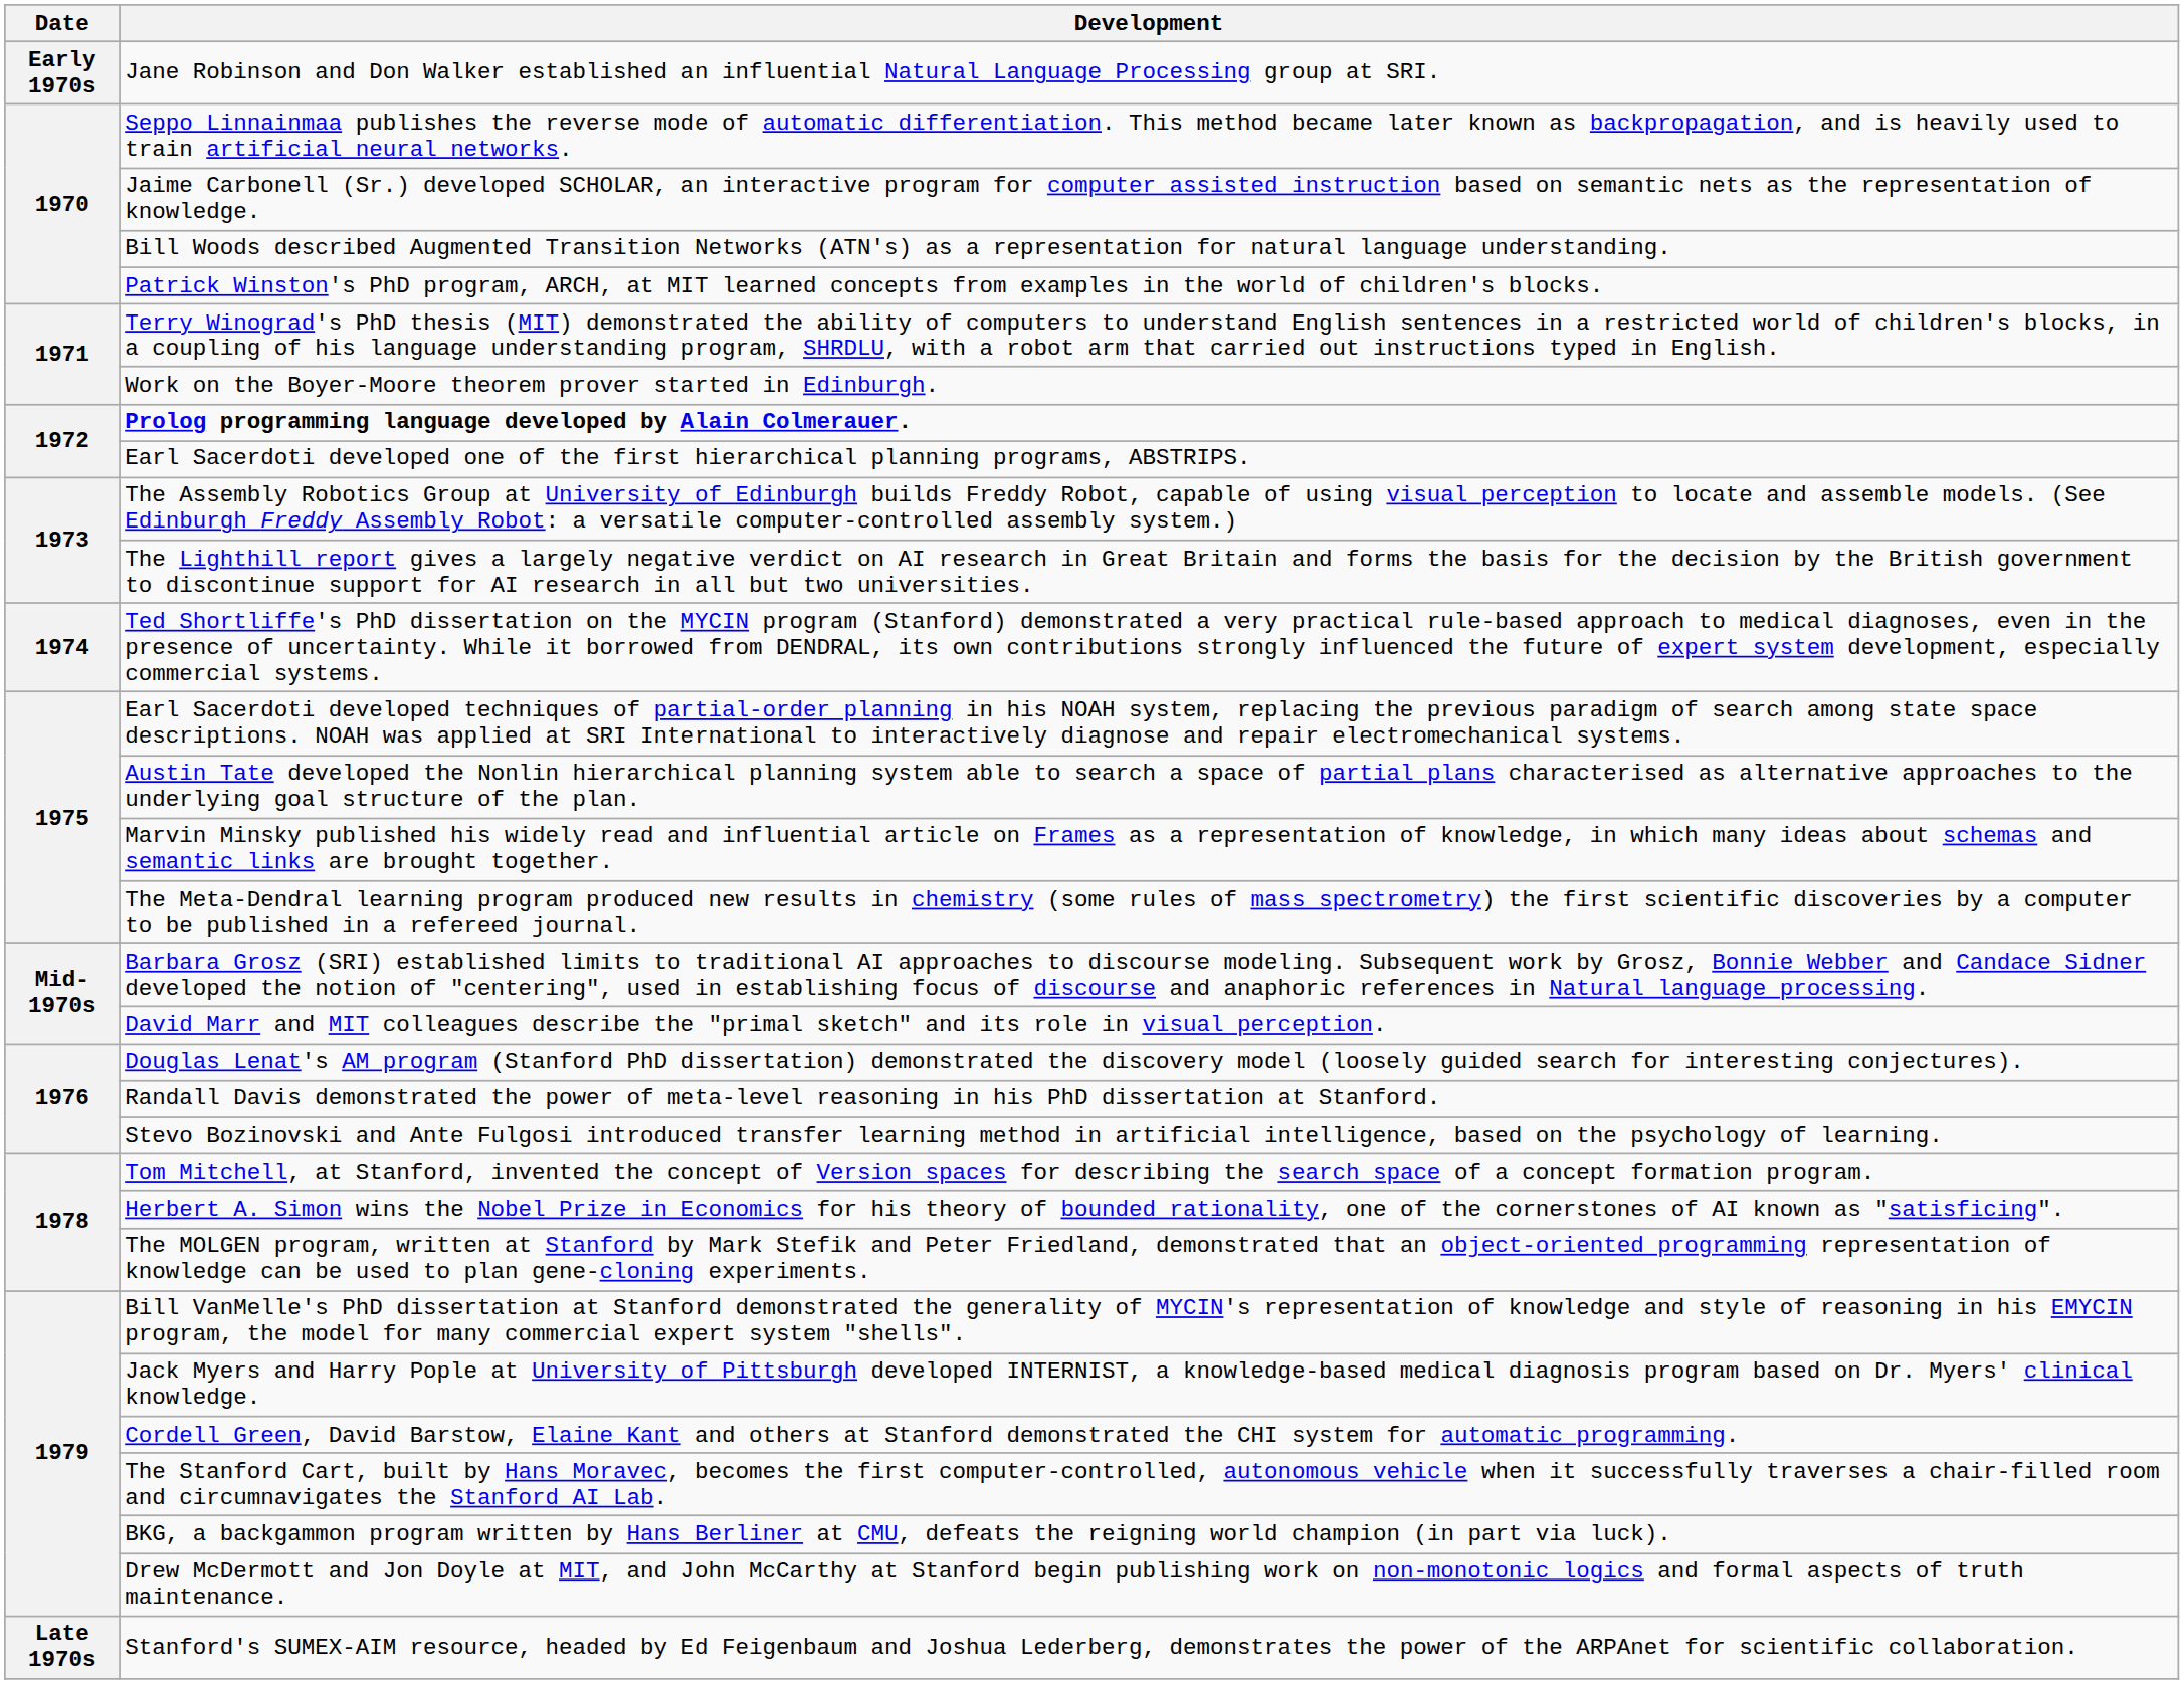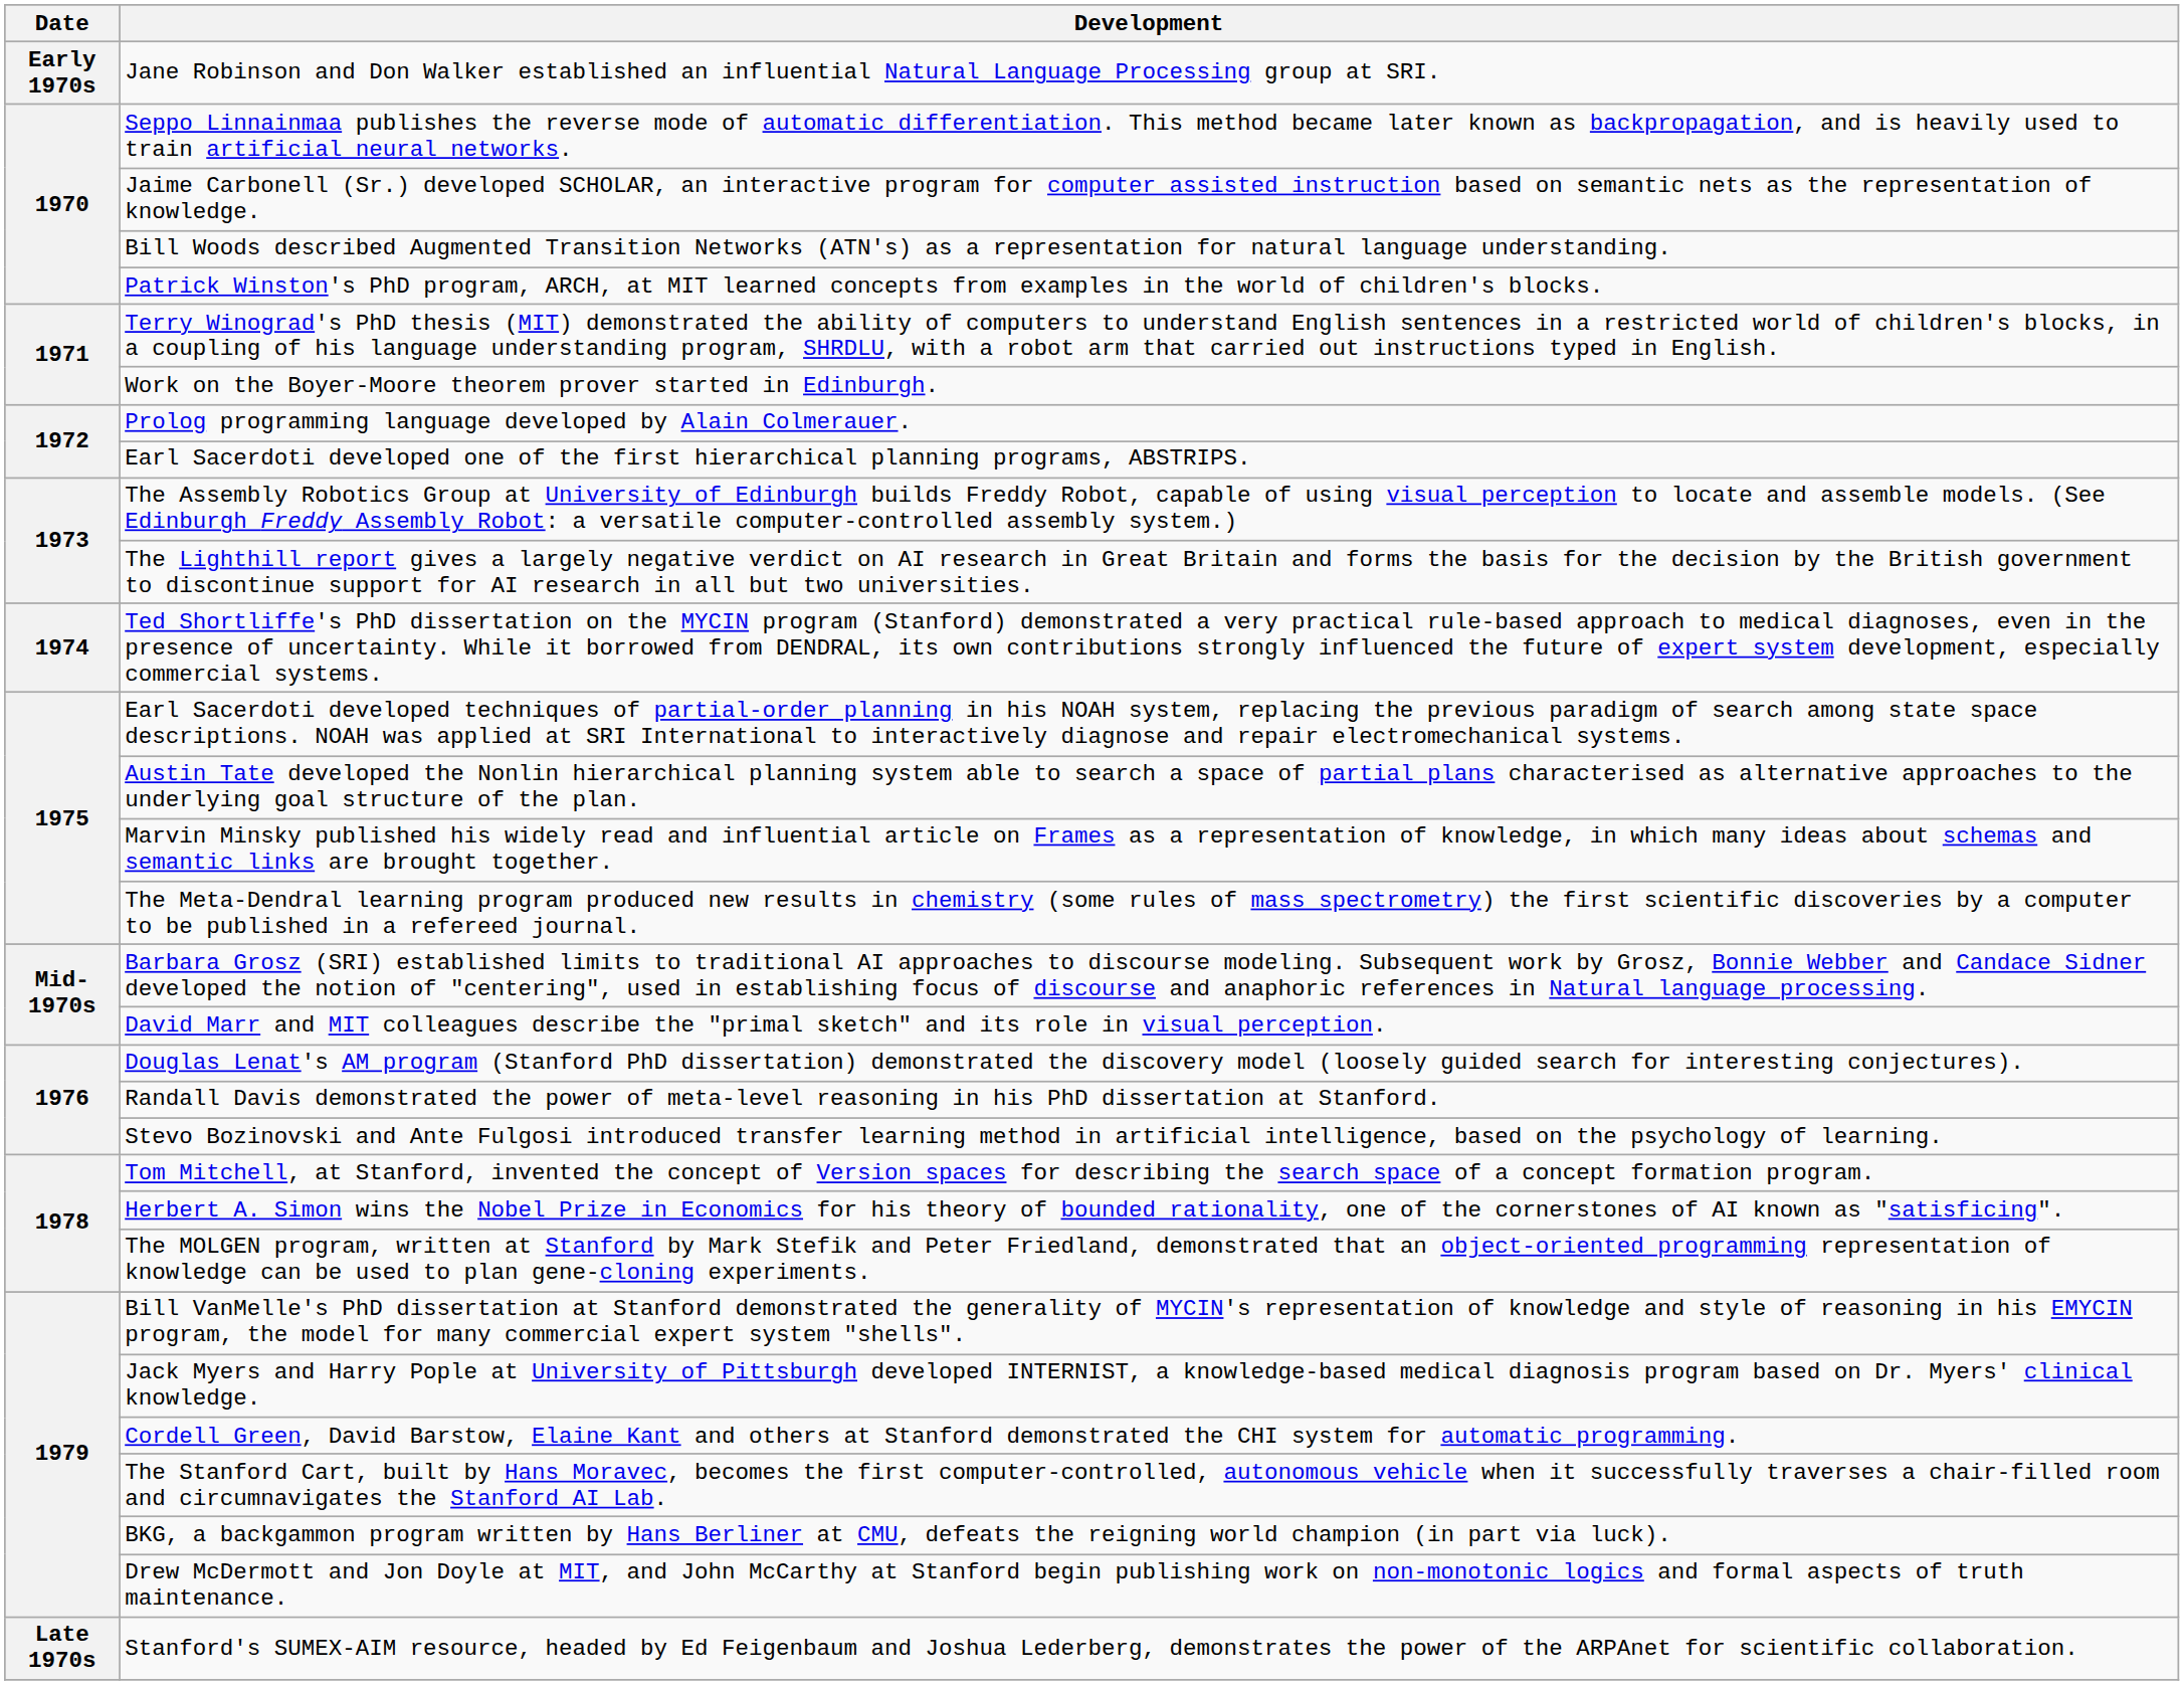 <table class="wikitable">
 <tr>
 <th>Date</th>
 <th>Development</th>
 </tr>
 <tr>
 <th>Early 1970s</th>
 <td>Jane Robinson and Don Walker established an influential <a href='#'>Natural Language Processing</a> group at SRI.</td>
 </tr>
 <tr>
 <th rowspan=4>1970</th>
 <td><a href='#'>Seppo Linnainmaa</a> publishes the reverse mode of <a href='#'>automatic differentiation</a>. This method became later known as <a href='#'>backpropagation</a>, and is heavily used to train <a href='#'>artificial neural networks</a>.</td>
 </tr>
 <tr>
 <td>Jaime Carbonell (Sr.) developed SCHOLAR, an interactive program for <a href='#'>computer assisted instruction</a> based on semantic nets as the representation of knowledge.</td>
 </tr>
 <tr>
 <td>Bill Woods described Augmented Transition Networks (ATN's) as a representation for natural language understanding.</td>
 </tr>
 <tr>
 <td><a href='#'>Patrick Winston</a>'s PhD program, ARCH, at MIT learned concepts from examples in the world of children's blocks.</td>
 </tr>
 <tr>
 <th rowspan=2>1971</th>
 <td><a href='#'>Terry Winograd</a>'s PhD thesis (<a href='#'>MIT</a>) demonstrated the ability of computers to understand English sentences in a restricted world of children's blocks, in a coupling of his language understanding program, <a href='#'>SHRDLU</a>, with a robot arm that carried out instructions typed in English.</td>
 </tr>
 <tr>
 <td>Work on the Boyer-Moore theorem prover started in <a href='#'>Edinburgh</a>.</td>
 </tr>
 <tr>
 <th rowspan=2>1972</th>
-<td><strong><a href='#'>Prolog</a> programming language developed by <a href='#'>Alain Colmerauer</a>.</strong></td>
+<td><a href='#'>Prolog</a> programming language developed by <a href='#'>Alain Colmerauer</a>.</td>
 </tr>
 <tr>
 <td>Earl Sacerdoti developed one of the first hierarchical planning programs, ABSTRIPS.</td>
 </tr>
 <tr>
 <th rowspan=2>1973</th>
 <td>The Assembly Robotics Group at <a href='#'>University of Edinburgh</a> builds Freddy Robot, capable of using <a href='#'>visual perception</a> to locate and assemble models. (See <a href='#'>Edinburgh <em>Freddy</em> Assembly Robot</a>: a versatile computer-controlled assembly system.)</td>
 </tr>
 <tr>
 <td>The <a href='#'>Lighthill report</a> gives a largely negative verdict on AI research in Great Britain and forms the basis for the decision by the British government to discontinue support for AI research in all but two universities.</td>
 </tr>
 <tr>
 <th>1974</th>
 <td><a href='#'>Ted Shortliffe</a>'s PhD dissertation on the <a href='#'>MYCIN</a> program (Stanford) demonstrated a very practical rule-based approach to medical diagnoses, even in the presence of uncertainty. While it borrowed from DENDRAL, its own contributions strongly influenced the future of <a href='#'>expert system</a> development, especially commercial systems.</td>
 </tr>
 <tr>
 <th rowspan=4>1975</th>
 <td>Earl Sacerdoti developed techniques of <a href='#'>partial-order planning</a> in his NOAH system, replacing the previous paradigm of search among state space descriptions. NOAH was applied at SRI International to interactively diagnose and repair electromechanical systems.</td>
 </tr>
 <tr>
 <td><a href='#'>Austin Tate</a> developed the Nonlin hierarchical planning system able to search a space of <a href='#'>partial plans</a> characterised as alternative approaches to the underlying goal structure of the plan.</td>
 </tr>
 <tr>
 <td>Marvin Minsky published his widely read and influential article on <a href='#'>Frames</a> as a representation of knowledge, in which many ideas about <a href='#'>schemas</a> and <a href='#'>semantic links</a> are brought together.</td>
 </tr>
 <tr>
 <td>The Meta-Dendral learning program produced new results in <a href='#'>chemistry</a> (some rules of <a href='#'>mass spectrometry</a>) the first scientific discoveries by a computer to be published in a refereed journal.</td>
 </tr>
 <tr>
 <th rowspan=2>Mid-1970s</th>
 <td><a href='#'>Barbara Grosz</a> (SRI) established limits to traditional AI approaches to discourse modeling. Subsequent work by Grosz, <a href='#'>Bonnie Webber</a> and <a href='#'>Candace Sidner</a> developed the notion of "centering", used in establishing focus of <a href='#'>discourse</a> and anaphoric references in <a href='#'>Natural language processing</a>.</td>
 </tr>
 <tr>
 <td><a href='#'>David Marr</a> and <a href='#'>MIT</a> colleagues describe the "primal sketch" and its role in <a href='#'>visual perception</a>.</td>
 </tr>
 <tr>
 <th rowspan=3>1976</th>
 <td><a href='#'>Douglas Lenat</a>'s <a href='#'>AM program</a> (Stanford PhD dissertation) demonstrated the discovery model (loosely guided search for interesting conjectures).</td>
 </tr>
 <tr>
 <td>Randall Davis demonstrated the power of meta-level reasoning in his PhD dissertation at Stanford.</td>
 </tr>
 <tr>
 <td>Stevo Bozinovski and Ante Fulgosi introduced transfer learning method in artificial intelligence, based on the psychology of learning.</td>
 </tr>
 <tr>
 <th rowspan=3>1978</th>
 <td><a href='#'>Tom Mitchell</a>, at Stanford, invented the concept of <a href='#'>Version spaces</a> for describing the <a href='#'>search space</a> of a concept formation program.</td>
 </tr>
 <tr>
 <td><a href='#'>Herbert A. Simon</a> wins the <a href='#'>Nobel Prize in Economics</a> for his theory of <a href='#'>bounded rationality</a>, one of the cornerstones of AI known as "<a href='#'>satisficing</a>".</td>
 </tr>
 <tr>
 <td>The MOLGEN program, written at <a href='#'>Stanford</a> by Mark Stefik and Peter Friedland, demonstrated that an <a href='#'>object-oriented programming</a> representation of knowledge can be used to plan gene-<a href='#'>cloning</a> experiments.</td>
 </tr>
 <tr>
 <th rowspan=6>1979</th>
 <td>Bill VanMelle's PhD dissertation at Stanford demonstrated the generality of <a href='#'>MYCIN</a>'s representation of knowledge and style of reasoning in his <a href='#'>EMYCIN</a> program, the model for many commercial expert system "shells".</td>
 </tr>
 <tr>
 <td>Jack Myers and Harry Pople at <a href='#'>University of Pittsburgh</a> developed INTERNIST, a knowledge-based medical diagnosis program based on Dr. Myers' <a href='#'>clinical</a> knowledge.</td>
 </tr>
 <tr>
 <td><a href='#'>Cordell Green</a>, David Barstow, <a href='#'>Elaine Kant</a> and others at Stanford demonstrated the CHI system for <a href='#'>automatic programming</a>.</td>
 </tr>
 <tr>
 <td>The Stanford Cart, built by <a href='#'>Hans Moravec</a>, becomes the first computer-controlled, <a href='#'>autonomous vehicle</a> when it successfully traverses a chair-filled room and circumnavigates the <a href='#'>Stanford AI Lab</a>.</td>
 </tr>
 <tr>
 <td>BKG, a backgammon program written by <a href='#'>Hans Berliner</a> at <a href='#'>CMU</a>, defeats the reigning world champion (in part via luck).</td>
 </tr>
 <tr>
 <td>Drew McDermott and Jon Doyle at <a href='#'>MIT</a>, and John McCarthy at Stanford begin publishing work on <a href='#'>non-monotonic logics</a> and formal aspects of truth maintenance.</td>
 </tr>
 <tr>
 <th>Late 1970s</th>
 <td>Stanford's SUMEX-AIM resource, headed by Ed Feigenbaum and Joshua Lederberg, demonstrates the power of the ARPAnet for scientific collaboration.</td>
 </tr>
 </table>
